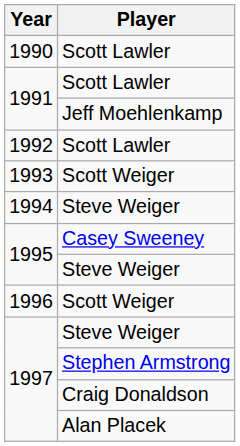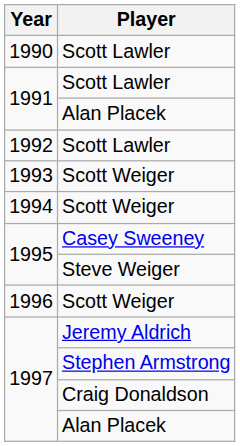 <table class= wikitable>
 <tr>
 <th width=px>Year</th>
 <th width=px>Player</th>
 </tr>
 <tr>
 <td>1990</td>
 <td>Scott Lawler</td>
 </tr>
 <tr>
 <td rowspan=2>1991</td>
 <td>Scott Lawler</td>
 </tr>
 <tr>
-<td>Jeff Moehlenkamp</td>
+<td>Alan Placek</td>
 </tr>
 <tr>
 <td>1992</td>
 <td>Scott Lawler</td>
 </tr>
 <tr>
 <td>1993</td>
 <td>Scott Weiger</td>
 </tr>
 <tr>
 <td>1994</td>
-<td>Steve Weiger</td>
+<td>Scott Weiger</td>
 </tr>
 <tr>
 <td rowspan=2>1995</td>
 <td><a href='#'>Casey Sweeney</a></td>
 </tr>
 <tr>
 <td>Steve Weiger</td>
 </tr>
 <tr>
 <td>1996</td>
 <td>Scott Weiger</td>
 </tr>
 <tr>
 <td rowspan=4>1997</td>
-<td>Steve Weiger</td>
+<td><a href='#'>Jeremy Aldrich</a></td>
 </tr>
 <tr>
 <td><a href='#'>Stephen Armstrong</a></td>
 </tr>
 <tr>
 <td>Craig Donaldson</td>
 </tr>
 <tr>
 <td>Alan Placek</td>
 </tr>
 </table>
